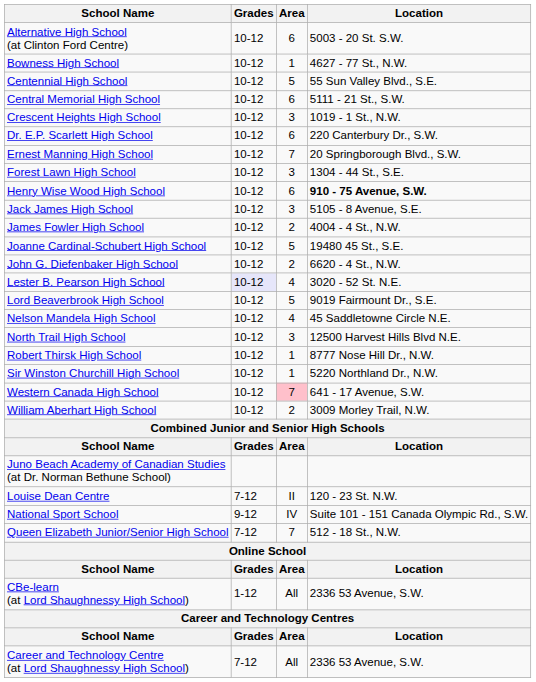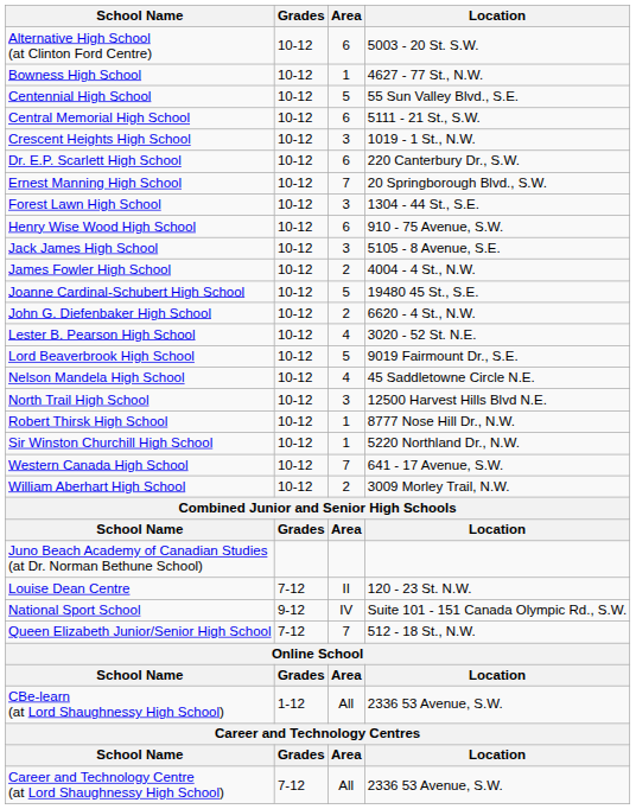 <table class="wikitable">
 <tr>
 <th>School Name</th>
 <th>Grades</th>
 <th align="center">Area</th>
 <th>Location</th>
 </tr>
 <tr>
 <td><a href='#'>Alternative High School</a><br>(at Clinton Ford Centre)</td>
 <td>10-12</td>
 <td align="center">6</td>
 <td>5003 - 20 St. S.W.</td>
 </tr>
 <tr>
 <td><a href='#'>Bowness High School</a></td>
 <td>10-12</td>
 <td align="center">1</td>
 <td>4627 - 77 St., N.W.</td>
 </tr>
 <tr>
 <td><a href='#'>Centennial High School</a></td>
 <td>10-12</td>
 <td align="center">5</td>
 <td>55 Sun Valley Blvd., S.E.</td>
 </tr>
 <tr>
 <td><a href='#'>Central Memorial High School</a></td>
 <td>10-12</td>
 <td align="center">6</td>
 <td>5111 - 21 St., S.W.</td>
 </tr>
 <tr>
 <td><a href='#'>Crescent Heights High School</a></td>
 <td>10-12</td>
 <td align="center">3</td>
 <td>1019 - 1 St., N.W.</td>
 </tr>
 <tr>
 <td><a href='#'>Dr. E.P. Scarlett High School</a></td>
 <td>10-12</td>
 <td align="center">6</td>
 <td>220 Canterbury Dr., S.W.</td>
 </tr>
 <tr>
 <td><a href='#'>Ernest Manning High School</a></td>
 <td>10-12</td>
 <td align="center">7</td>
 <td>20 Springborough Blvd., S.W.</td>
 </tr>
 <tr>
 <td><a href='#'>Forest Lawn High School</a></td>
 <td>10-12</td>
 <td align="center">3</td>
 <td>1304 - 44 St., S.E.</td>
 </tr>
 <tr>
 <td><a href='#'>Henry Wise Wood High School</a></td>
 <td>10-12</td>
 <td align="center">6</td>
-<td><strong>910 - 75 Avenue, S.W.</strong></td>
+<td>910 - 75 Avenue, S.W.</td>
 </tr>
 <tr>
 <td><a href='#'>Jack James High School</a></td>
 <td>10-12</td>
 <td align="center">3</td>
 <td>5105 - 8 Avenue, S.E.</td>
 </tr>
 <tr>
 <td><a href='#'>James Fowler High School</a></td>
 <td>10-12</td>
 <td align="center">2</td>
 <td>4004 - 4 St., N.W.</td>
 </tr>
 <tr>
 <td><a href='#'>Joanne Cardinal-Schubert High School</a></td>
 <td>10-12</td>
 <td align="center">5</td>
 <td>19480 45 St., S.E.</td>
 </tr>
 <tr>
 <td><a href='#'>John G. Diefenbaker High School</a></td>
 <td>10-12</td>
 <td align="center">2</td>
 <td>6620 - 4 St., N.W.</td>
 </tr>
 <tr>
 <td><a href='#'>Lester B. Pearson High School</a></td>
-<td style="background: lavender;">10-12</td>
+<td>10-12</td>
 <td align="center">4</td>
 <td>3020 - 52 St. N.E.</td>
 </tr>
 <tr>
 <td><a href='#'>Lord Beaverbrook High School</a></td>
 <td>10-12</td>
 <td align="center">5</td>
 <td>9019 Fairmount Dr., S.E.</td>
 </tr>
 <tr>
 <td><a href='#'>Nelson Mandela High School</a></td>
 <td>10-12</td>
 <td align="center">4</td>
 <td>45 Saddletowne Circle N.E.</td>
 </tr>
 <tr>
 <td><a href='#'>North Trail High School</a></td>
 <td>10-12</td>
 <td align="center">3</td>
 <td>12500 Harvest Hills Blvd N.E.</td>
 </tr>
 <tr>
 <td><a href='#'>Robert Thirsk High School</a></td>
 <td>10-12</td>
 <td align="center">1</td>
 <td>8777 Nose Hill Dr., N.W.</td>
 </tr>
 <tr>
 <td><a href='#'>Sir Winston Churchill High School</a></td>
 <td>10-12</td>
 <td align="center">1</td>
 <td>5220 Northland Dr., N.W.</td>
 </tr>
 <tr>
 <td><a href='#'>Western Canada High School</a></td>
 <td>10-12</td>
-<td align="center" style="background: pink;">7</td>
+<td align="center">7</td>
 <td>641 - 17 Avenue, S.W.</td>
 </tr>
 <tr>
 <td><a href='#'>William Aberhart High School</a></td>
 <td>10-12</td>
 <td align="center">2</td>
 <td>3009 Morley Trail, N.W.</td>
 </tr>
 <tr align="center">
 <th colspan=4>Combined Junior and Senior High Schools</th>
 </tr>
 <tr>
 <th>School Name</th>
 <th>Grades</th>
 <th align="center">Area</th>
 <th>Location</th>
 </tr>
 <tr>
 <td><a href='#'>Juno Beach Academy of Canadian Studies</a><br>(at Dr. Norman Bethune School)</td>
 <td></td>
 <td></td>
 <td></td>
 </tr>
 <tr>
 <td><a href='#'>Louise Dean Centre</a></td>
 <td>7-12</td>
 <td align="center">II</td>
 <td>120 - 23 St. N.W.</td>
 </tr>
 <tr>
 <td><a href='#'>National Sport School</a><br></td>
 <td>9-12</td>
 <td align="center">IV</td>
 <td>Suite 101 - 151 Canada Olympic Rd., S.W.</td>
 </tr>
 <tr>
 <td><a href='#'>Queen Elizabeth Junior/Senior High School</a></td>
 <td>7-12</td>
 <td align="center">7</td>
 <td>512 - 18 St., N.W.</td>
 </tr>
 <tr align="center">
 <th colspan=4>Online School</th>
 </tr>
 <tr>
 <th>School Name</th>
 <th>Grades</th>
 <th align="center">Area</th>
 <th>Location</th>
 </tr>
 <tr>
 <td><a href='#'>CBe-learn</a><br>(at <a href='#'>Lord Shaughnessy High School</a>)</td>
 <td>1-12</td>
 <td align="center">All</td>
 <td>2336 53 Avenue, S.W.</td>
 </tr>
 <tr align="center">
 <th colspan=4>Career and Technology Centres</th>
 </tr>
 <tr>
 <th>School Name</th>
 <th>Grades</th>
 <th align="center">Area</th>
 <th>Location</th>
 </tr>
 <tr>
 <td><a href='#'>Career and Technology Centre</a><br>(at <a href='#'>Lord Shaughnessy High School</a>)</td>
 <td>7-12</td>
 <td align="center">All</td>
 <td>2336 53 Avenue, S.W.</td>
 </tr>
 </table>
